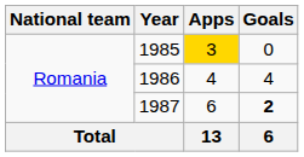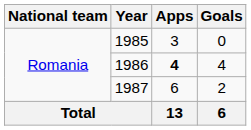 <table class="wikitable" style="text-align:center">
 <tr>
 <th>National team</th>
 <th>Year</th>
 <th>Apps</th>
 <th>Goals</th>
 </tr>
 <tr>
 <td rowspan="3"><a href='#'>Romania</a></td>
 <td>1985</td>
-<td style="background: gold;">3</td>
+<td>3</td>
 <td>0</td>
 </tr>
 <tr>
 <td>1986</td>
-<td>4</td>
+<td><strong>4</strong></td>
 <td>4</td>
 </tr>
 <tr>
 <td>1987</td>
 <td>6</td>
-<td><strong>2</strong></td>
+<td>2</td>
 </tr>
 <tr>
 <th colspan="2">Total</th>
 <th>13</th>
 <th>6</th>
 </tr>
 </table>
